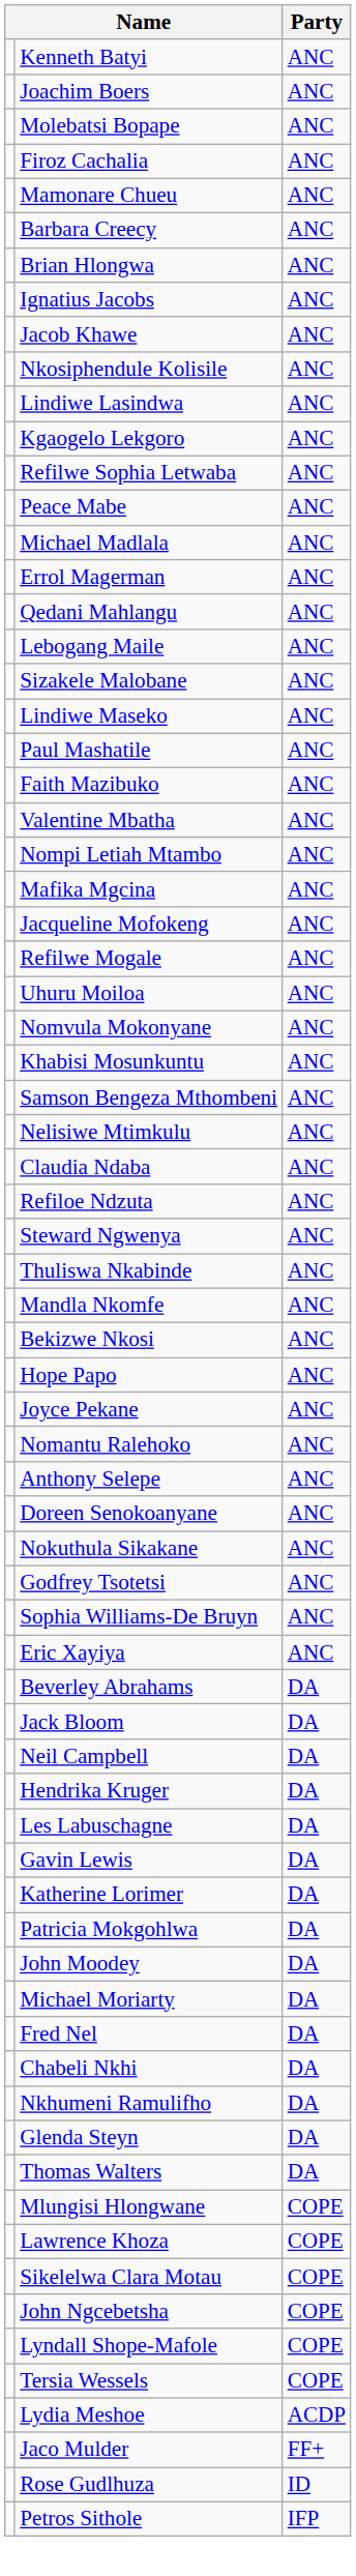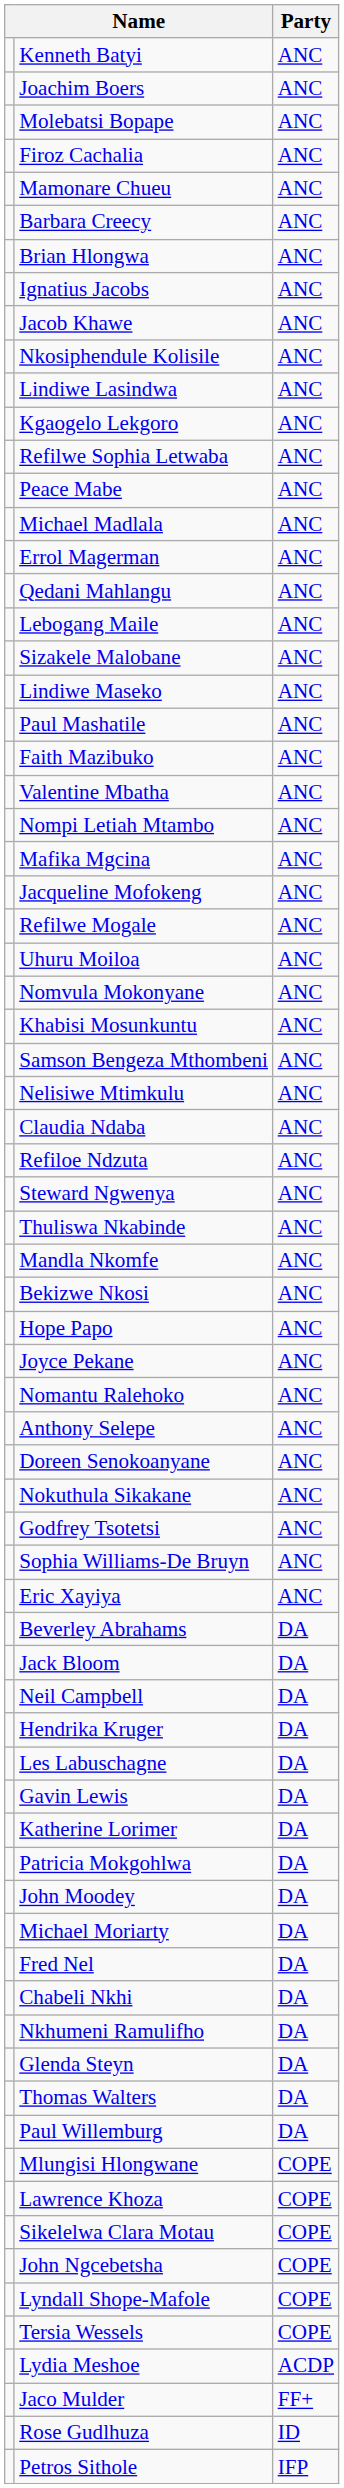 <table class="wikitable sortable">
 <tr>
 <th colspan="2">Name</th>
 <th>Party</th>
 </tr>
 <tr>
 <td style="background-color: "></td>
 <td><a href='#'>Kenneth Batyi</a></td>
 <td><a href='#'>ANC</a></td>
 </tr>
 <tr>
 <td style="background-color: "></td>
 <td><a href='#'>Joachim Boers</a></td>
 <td><a href='#'>ANC</a></td>
 </tr>
 <tr>
 <td style="background-color: "></td>
 <td><a href='#'>Molebatsi Bopape</a></td>
 <td><a href='#'>ANC</a></td>
 </tr>
 <tr>
 <td style="background-color: "></td>
 <td><a href='#'>Firoz Cachalia</a></td>
 <td><a href='#'>ANC</a></td>
 </tr>
 <tr>
 <td style="background-color: "></td>
 <td><a href='#'>Mamonare Chueu</a></td>
 <td><a href='#'>ANC</a></td>
 </tr>
 <tr>
 <td style="background-color: "></td>
 <td><a href='#'>Barbara Creecy</a></td>
 <td><a href='#'>ANC</a></td>
 </tr>
 <tr>
 <td style="background-color: "></td>
 <td><a href='#'>Brian Hlongwa</a></td>
 <td><a href='#'>ANC</a></td>
 </tr>
 <tr>
 <td style="background-color: "></td>
 <td><a href='#'>Ignatius Jacobs</a></td>
 <td><a href='#'>ANC</a></td>
 </tr>
 <tr>
 <td style="background-color: "></td>
 <td><a href='#'>Jacob Khawe</a></td>
 <td><a href='#'>ANC</a></td>
 </tr>
 <tr>
 <td style="background-color: "></td>
 <td><a href='#'>Nkosiphendule Kolisile</a></td>
 <td><a href='#'>ANC</a></td>
 </tr>
 <tr>
 <td style="background-color: "></td>
 <td><a href='#'>Lindiwe Lasindwa</a></td>
 <td><a href='#'>ANC</a></td>
 </tr>
 <tr>
 <td style="background-color: "></td>
 <td><a href='#'>Kgaogelo Lekgoro</a></td>
 <td><a href='#'>ANC</a></td>
 </tr>
 <tr>
 <td style="background-color: "></td>
 <td><a href='#'>Refilwe Sophia Letwaba</a></td>
 <td><a href='#'>ANC</a></td>
 </tr>
 <tr>
 <td style="background-color: "></td>
 <td><a href='#'>Peace Mabe</a></td>
 <td><a href='#'>ANC</a></td>
 </tr>
 <tr>
 <td style="background-color: "></td>
 <td><a href='#'>Michael Madlala</a></td>
 <td><a href='#'>ANC</a></td>
 </tr>
 <tr>
 <td style="background-color: "></td>
 <td><a href='#'>Errol Magerman</a></td>
 <td><a href='#'>ANC</a></td>
 </tr>
 <tr>
 <td style="background-color: "></td>
 <td><a href='#'>Qedani Mahlangu</a></td>
 <td><a href='#'>ANC</a></td>
 </tr>
 <tr>
 <td style="background-color: "></td>
 <td><a href='#'>Lebogang Maile</a></td>
 <td><a href='#'>ANC</a></td>
 </tr>
 <tr>
 <td style="background-color: "></td>
 <td><a href='#'>Sizakele Malobane</a></td>
 <td><a href='#'>ANC</a></td>
 </tr>
 <tr>
 <td style="background-color: "></td>
 <td><a href='#'>Lindiwe Maseko</a></td>
 <td><a href='#'>ANC</a></td>
 </tr>
 <tr>
 <td style="background-color: "></td>
 <td><a href='#'>Paul Mashatile</a></td>
 <td><a href='#'>ANC</a></td>
 </tr>
 <tr>
 <td style="background-color: "></td>
 <td><a href='#'>Faith Mazibuko</a></td>
 <td><a href='#'>ANC</a></td>
 </tr>
 <tr>
 <td style="background-color: "></td>
 <td><a href='#'>Valentine Mbatha</a></td>
 <td><a href='#'>ANC</a></td>
 </tr>
 <tr>
 <td style="background-color: "></td>
 <td><a href='#'>Nompi Letiah Mtambo</a></td>
 <td><a href='#'>ANC</a></td>
 </tr>
 <tr>
 <td style="background-color: "></td>
 <td><a href='#'>Mafika Mgcina</a></td>
 <td><a href='#'>ANC</a></td>
 </tr>
 <tr>
 <td style="background-color: "></td>
 <td><a href='#'>Jacqueline Mofokeng</a></td>
 <td><a href='#'>ANC</a></td>
 </tr>
 <tr>
 <td style="background-color: "></td>
 <td><a href='#'>Refilwe Mogale</a></td>
 <td><a href='#'>ANC</a></td>
 </tr>
 <tr>
 <td style="background-color: "></td>
 <td><a href='#'>Uhuru Moiloa</a></td>
 <td><a href='#'>ANC</a></td>
 </tr>
 <tr>
 <td style="background-color: "></td>
 <td><a href='#'>Nomvula Mokonyane</a></td>
 <td><a href='#'>ANC</a></td>
 </tr>
 <tr>
 <td style="background-color: "></td>
 <td><a href='#'>Khabisi Mosunkuntu</a></td>
 <td><a href='#'>ANC</a></td>
 </tr>
 <tr>
 <td style="background-color: "></td>
 <td><a href='#'>Samson Bengeza Mthombeni</a></td>
 <td><a href='#'>ANC</a></td>
 </tr>
 <tr>
 <td style="background-color: "></td>
 <td><a href='#'>Nelisiwe Mtimkulu</a></td>
 <td><a href='#'>ANC</a></td>
 </tr>
 <tr>
 <td style="background-color: "></td>
 <td><a href='#'>Claudia Ndaba</a></td>
 <td><a href='#'>ANC</a></td>
 </tr>
 <tr>
 <td style="background-color: "></td>
 <td><a href='#'>Refiloe Ndzuta</a></td>
 <td><a href='#'>ANC</a></td>
 </tr>
 <tr>
 <td style="background-color: "></td>
 <td><a href='#'>Steward Ngwenya</a></td>
 <td><a href='#'>ANC</a></td>
 </tr>
 <tr>
 <td style="background-color: "></td>
 <td><a href='#'>Thuliswa Nkabinde</a></td>
 <td><a href='#'>ANC</a></td>
 </tr>
 <tr>
 <td style="background-color: "></td>
 <td><a href='#'>Mandla Nkomfe</a></td>
 <td><a href='#'>ANC</a></td>
 </tr>
 <tr>
 <td style="background-color: "></td>
 <td><a href='#'>Bekizwe Nkosi</a></td>
 <td><a href='#'>ANC</a></td>
 </tr>
 <tr>
 <td style="background-color: "></td>
 <td><a href='#'>Hope Papo</a></td>
 <td><a href='#'>ANC</a></td>
 </tr>
 <tr>
 <td style="background-color: "></td>
 <td><a href='#'>Joyce Pekane</a></td>
 <td><a href='#'>ANC</a></td>
 </tr>
 <tr>
 <td style="background-color: "></td>
 <td><a href='#'>Nomantu Ralehoko</a></td>
 <td><a href='#'>ANC</a></td>
 </tr>
 <tr>
 <td style="background-color: "></td>
 <td><a href='#'>Anthony Selepe</a></td>
 <td><a href='#'>ANC</a></td>
 </tr>
 <tr>
 <td style="background-color: "></td>
 <td><a href='#'>Doreen Senokoanyane</a></td>
 <td><a href='#'>ANC</a></td>
 </tr>
 <tr>
 <td style="background-color: "></td>
 <td><a href='#'>Nokuthula Sikakane</a></td>
 <td><a href='#'>ANC</a></td>
 </tr>
 <tr>
 <td style="background-color: "></td>
 <td><a href='#'>Godfrey Tsotetsi</a></td>
 <td><a href='#'>ANC</a></td>
 </tr>
 <tr>
 <td style="background-color: "></td>
 <td><a href='#'>Sophia Williams-De Bruyn</a></td>
 <td><a href='#'>ANC</a></td>
 </tr>
 <tr>
 <td style="background-color: "></td>
 <td><a href='#'>Eric Xayiya</a></td>
 <td><a href='#'>ANC</a></td>
 </tr>
 <tr>
 <td style="background-color: "></td>
 <td><a href='#'>Beverley Abrahams</a></td>
 <td><a href='#'>DA</a></td>
 </tr>
 <tr>
 <td style="background-color: "></td>
 <td><a href='#'>Jack Bloom</a></td>
 <td><a href='#'>DA</a></td>
 </tr>
 <tr>
 <td style="background-color: "></td>
 <td><a href='#'>Neil Campbell</a></td>
 <td><a href='#'>DA</a></td>
 </tr>
 <tr>
 <td style="background-color: "></td>
 <td><a href='#'>Hendrika Kruger</a></td>
 <td><a href='#'>DA</a></td>
 </tr>
 <tr>
 <td style="background-color: "></td>
 <td><a href='#'>Les Labuschagne</a></td>
 <td><a href='#'>DA</a></td>
 </tr>
 <tr>
 <td style="background-color: "></td>
 <td><a href='#'>Gavin Lewis</a></td>
 <td><a href='#'>DA</a></td>
 </tr>
 <tr>
 <td style="background-color: "></td>
 <td><a href='#'>Katherine Lorimer</a></td>
 <td><a href='#'>DA</a></td>
 </tr>
 <tr>
 <td style="background-color: "></td>
 <td><a href='#'>Patricia Mokgohlwa</a></td>
 <td><a href='#'>DA</a></td>
 </tr>
 <tr>
 <td style="background-color: "></td>
 <td><a href='#'>John Moodey</a></td>
 <td><a href='#'>DA</a></td>
 </tr>
 <tr>
 <td style="background-color: "></td>
 <td><a href='#'>Michael Moriarty</a></td>
 <td><a href='#'>DA</a></td>
 </tr>
 <tr>
 <td style="background-color: "></td>
 <td><a href='#'>Fred Nel</a></td>
 <td><a href='#'>DA</a></td>
 </tr>
 <tr>
 <td style="background-color: "></td>
 <td><a href='#'>Chabeli Nkhi</a></td>
 <td><a href='#'>DA</a></td>
 </tr>
 <tr>
 <td style="background-color: "></td>
 <td><a href='#'>Nkhumeni Ramulifho</a></td>
 <td><a href='#'>DA</a></td>
 </tr>
 <tr>
 <td style="background-color: "></td>
 <td><a href='#'>Glenda Steyn</a></td>
 <td><a href='#'>DA</a></td>
 </tr>
 <tr>
 <td style="background-color: "></td>
 <td><a href='#'>Thomas Walters</a></td>
 <td><a href='#'>DA</a></td>
 </tr>
 <tr>
 <td style="background-color: "></td>
+<td><a href='#'>Paul Willemburg</a></td>
+<td><a href='#'>DA</a></td>
+</tr>
+<tr>
+<td style="background-color: "></td>
 <td><a href='#'>Mlungisi Hlongwane</a></td>
 <td><a href='#'>COPE</a></td>
 </tr>
 <tr>
 <td style="background-color: "></td>
 <td><a href='#'>Lawrence Khoza</a></td>
 <td><a href='#'>COPE</a></td>
 </tr>
 <tr>
 <td style="background-color: "></td>
 <td><a href='#'>Sikelelwa Clara Motau</a></td>
 <td><a href='#'>COPE</a></td>
 </tr>
 <tr>
 <td style="background-color: "></td>
 <td><a href='#'>John Ngcebetsha</a></td>
 <td><a href='#'>COPE</a></td>
 </tr>
 <tr>
 <td style="background-color: "></td>
 <td><a href='#'>Lyndall Shope-Mafole</a></td>
 <td><a href='#'>COPE</a></td>
 </tr>
 <tr>
 <td style="background-color: "></td>
 <td><a href='#'>Tersia Wessels</a></td>
 <td><a href='#'>COPE</a></td>
 </tr>
 <tr>
 <td style="background-color: "></td>
 <td><a href='#'>Lydia Meshoe</a></td>
 <td><a href='#'>ACDP</a></td>
 </tr>
 <tr>
 <td style="background-color: "></td>
 <td><a href='#'>Jaco Mulder</a></td>
 <td><a href='#'>FF+</a></td>
 </tr>
 <tr>
 <td style="background-color: "></td>
 <td><a href='#'>Rose Gudlhuza</a></td>
 <td><a href='#'>ID</a></td>
 </tr>
 <tr>
 <td style="background-color: "></td>
 <td><a href='#'>Petros Sithole</a></td>
 <td><a href='#'>IFP</a></td>
 </tr>
 </table>
